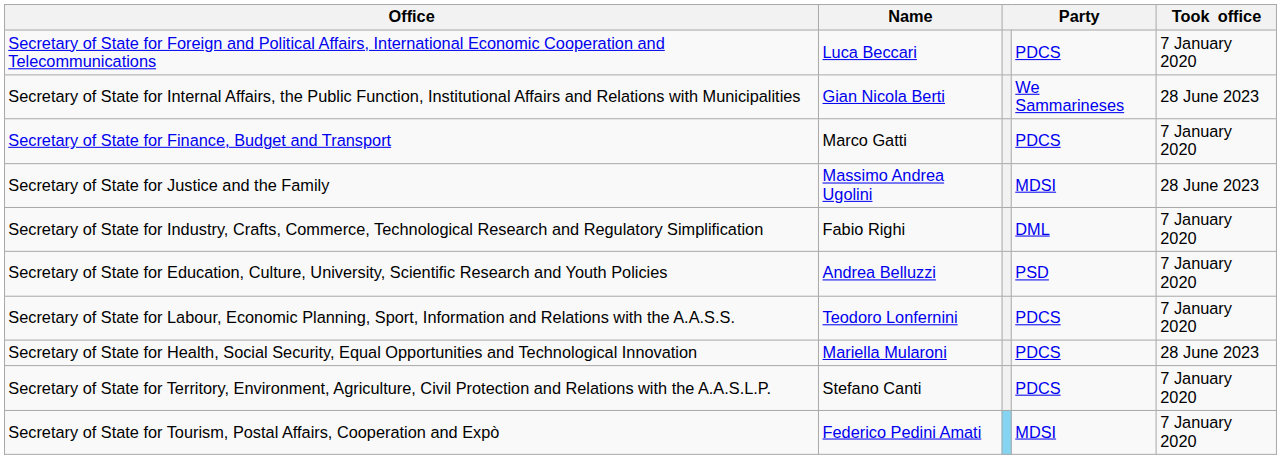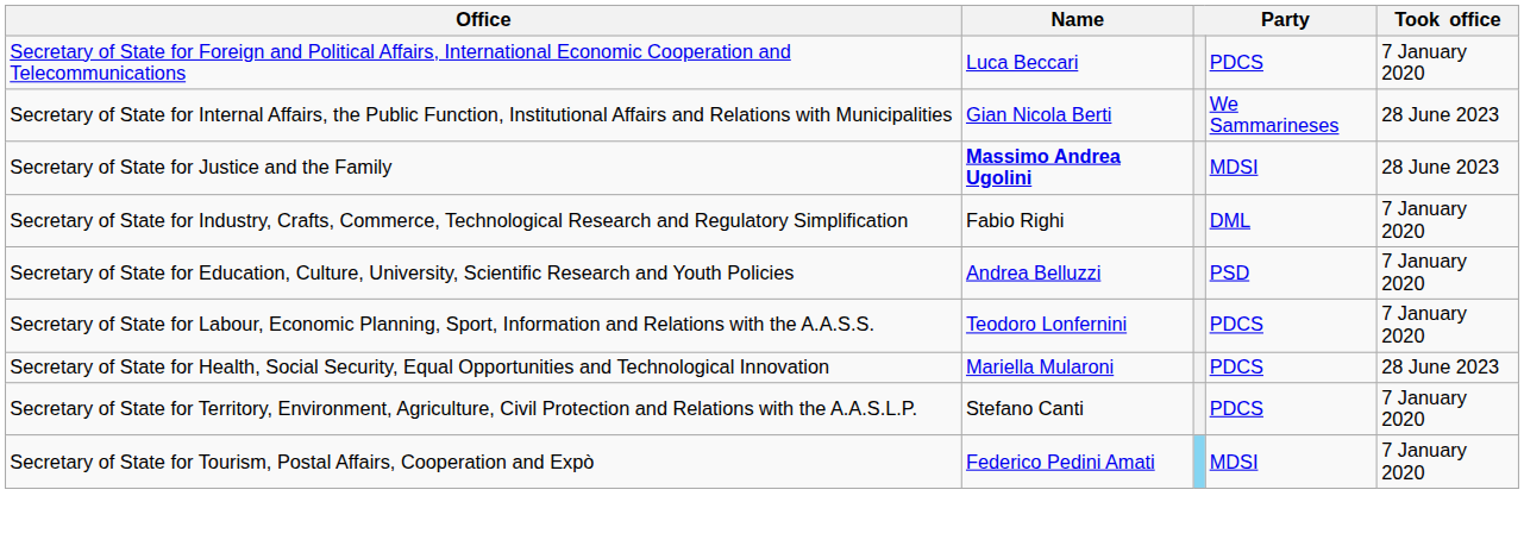 <table class="wikitable">
 <tr>
 <th>Office</th>
 <th>Name</th>
 <th colspan="2">Party</th>
 <th>Took office</th>
 </tr>
 <tr>
 <td><a href='#'>Secretary of State for Foreign and Political Affairs, International Economic Cooperation and Telecommunications</a></td>
 <td><a href='#'>Luca Beccari</a></td>
 <th style="background:"></th>
 <td><a href='#'>PDCS</a></td>
 <td>7 January 2020</td>
 </tr>
 <tr>
 <td>Secretary of State for Internal Affairs, the Public Function, Institutional Affairs and Relations with Municipalities</td>
 <td><a href='#'>Gian Nicola Berti</a></td>
 <th style="background:"></th>
 <td><a href='#'>We Sammarineses</a></td>
 <td>28 June 2023</td>
 </tr>
 <tr>
-<td><a href='#'>Secretary of State for Finance, Budget and Transport</a></td>
-<td>Marco Gatti</td>
-<th style="background:"></th>
-<td><a href='#'>PDCS</a></td>
-<td>7 January 2020</td>
-</tr>
-<tr>
 <td>Secretary of State for Justice and the Family</td>
-<td><a href='#'>Massimo Andrea Ugolini</a></td>
+<td><strong><a href='#'>Massimo Andrea Ugolini</a></strong></td>
 <th style="background:"></th>
 <td><a href='#'>MDSI</a></td>
 <td>28 June 2023</td>
 </tr>
 <tr>
 <td>Secretary of State for Industry, Crafts, Commerce, Technological Research and Regulatory Simplification</td>
 <td>Fabio Righi</td>
 <th style="background:"></th>
 <td><a href='#'>DML</a></td>
 <td>7 January 2020</td>
 </tr>
 <tr>
 <td>Secretary of State for Education, Culture, University, Scientific Research and Youth Policies</td>
 <td><a href='#'>Andrea Belluzzi</a></td>
 <th style="background:"></th>
 <td><a href='#'>PSD</a></td>
 <td>7 January 2020</td>
 </tr>
 <tr>
 <td>Secretary of State for Labour, Economic Planning, Sport, Information and Relations with the A.A.S.S.</td>
 <td><a href='#'>Teodoro Lonfernini</a></td>
 <th style="background:"></th>
 <td><a href='#'>PDCS</a></td>
 <td>7 January 2020</td>
 </tr>
 <tr>
 <td>Secretary of State for Health, Social Security, Equal Opportunities and Technological Innovation</td>
 <td><a href='#'>Mariella Mularoni</a></td>
 <th style="background:"></th>
 <td><a href='#'>PDCS</a></td>
 <td>28 June 2023</td>
 </tr>
 <tr>
 <td>Secretary of State for Territory, Environment, Agriculture, Civil Protection and Relations with the A.A.S.L.P.</td>
 <td>Stefano Canti</td>
 <th style="background:"></th>
 <td><a href='#'>PDCS</a></td>
 <td>7 January 2020</td>
 </tr>
 <tr>
 <td>Secretary of State for Tourism, Postal Affairs, Cooperation and Expò</td>
 <td><a href='#'>Federico Pedini Amati</a></td>
 <th style="width:2px;background:#85D5F2;"></th>
 <td><a href='#'>MDSI</a></td>
 <td>7 January 2020</td>
 </tr>
 </table>
